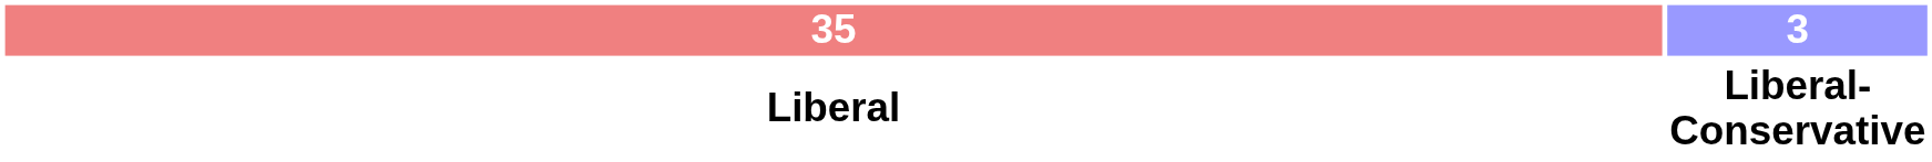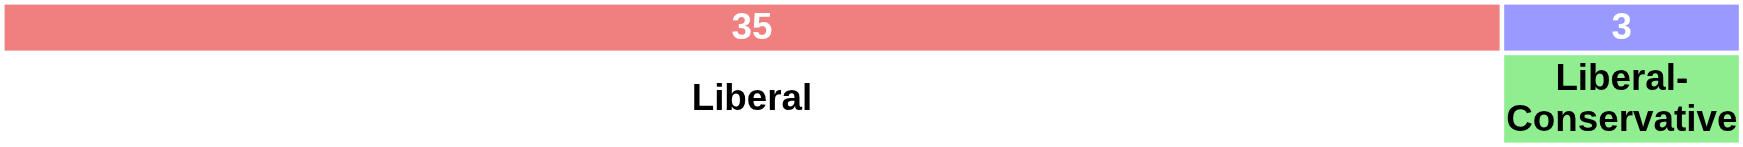 <table style="width:60%; text-align:center;">
 <tr style="color:white;">
 <td style="background:#F08080; width:92.11%;"><strong>35</strong></td>
 <td style="background:#9999FF; width:7.89%;"><strong>3</strong></td>
 </tr>
 <tr>
 <td><span><strong>Liberal</strong></span></td>
-<td><span><strong>Liberal-Conservative</strong></span></td>
+<td style="background: lightgreen;"><span><strong>Liberal-Conservative</strong></span></td>
 </tr>
 </table>
